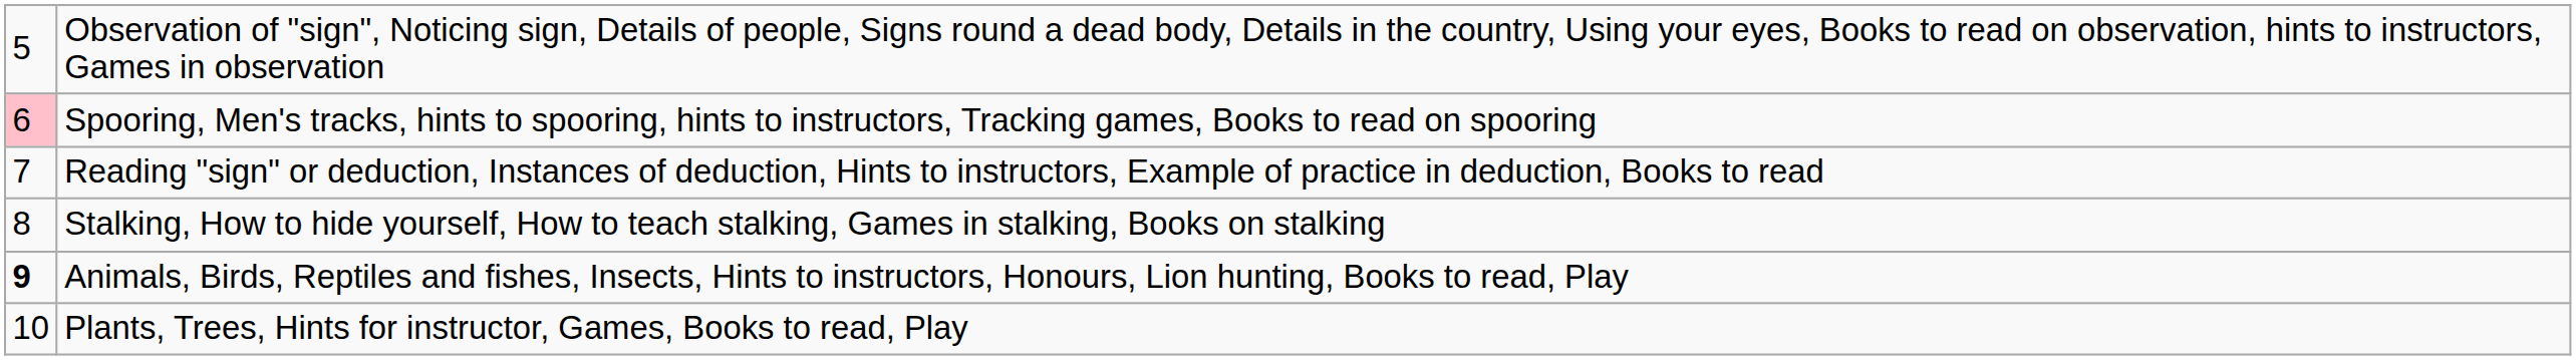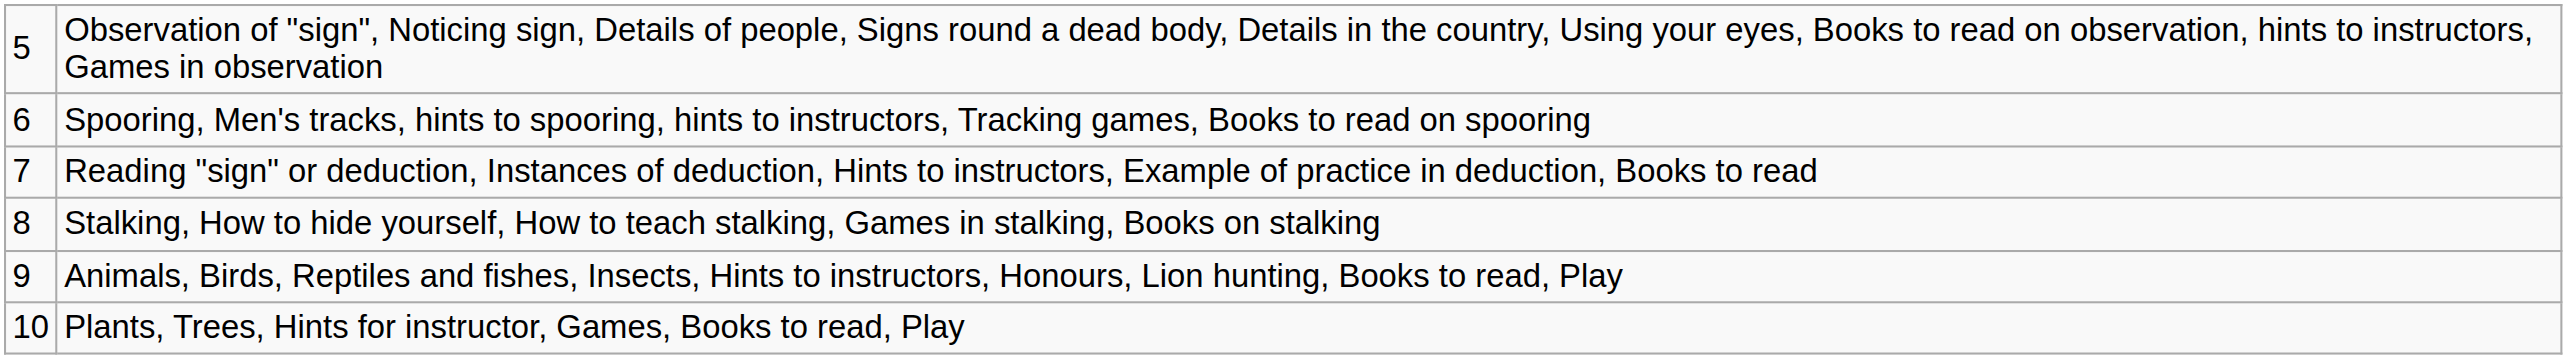 <table class=wikitable>
 <tr>
 <td>5</td>
 <td>Observation of "sign", Noticing sign, Details of people, Signs round a dead body, Details in the country, Using your eyes, Books to read on observation, hints to instructors, Games in observation</td>
 </tr>
 <tr>
-<td style="background: pink;">6</td>
+<td>6</td>
 <td>Spooring, Men's tracks, hints to spooring, hints to instructors, Tracking games, Books  to read on spooring</td>
 </tr>
 <tr>
 <td>7</td>
 <td>Reading "sign" or deduction, Instances of deduction, Hints to instructors, Example of practice in deduction, Books to read</td>
 </tr>
 <tr>
 <td>8</td>
 <td>Stalking, How to hide yourself, How to teach stalking, Games in stalking, Books on stalking</td>
 </tr>
 <tr>
-<td><strong>9</strong></td>
+<td>9</td>
 <td>Animals, Birds, Reptiles and fishes, Insects, Hints to instructors, Honours, Lion hunting, Books to read, Play</td>
 </tr>
 <tr>
 <td>10</td>
 <td>Plants, Trees, Hints for instructor, Games, Books to read, Play</td>
 </tr>
 </table>
